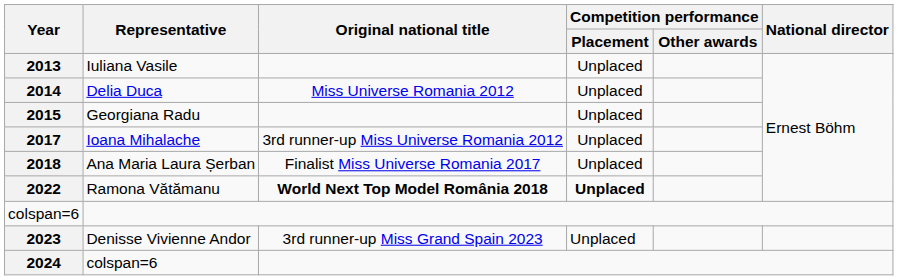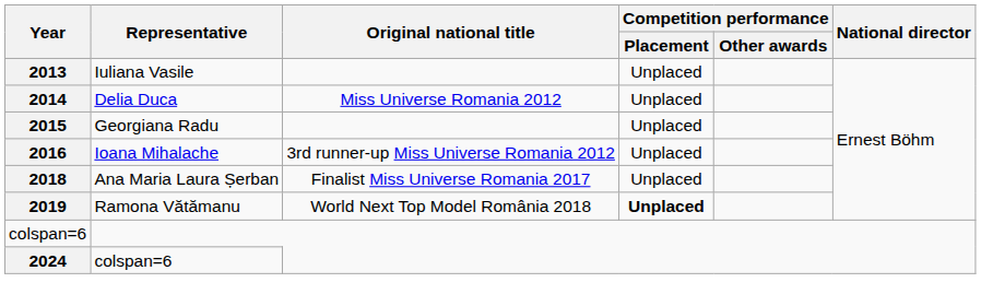 <table class="wikitable" style="font-size:95%;">
 <tr>
 <th rowspan=2>Year</th>
 <th rowspan=2>Representative</th>
 <th rowspan=2>Original national title</th>
 <th colspan=2>Competition performance</th>
 <th rowspan=2>National director</th>
 </tr>
 <tr>
 <th>Placement</th>
 <th>Other awards</th>
 </tr>
 <tr>
 <th>2013</th>
 <td>Iuliana Vasile</td>
 <td></td>
 <td align=center>Unplaced</td>
 <td></td>
 <td rowspan=6>Ernest Böhm</td>
 </tr>
 <tr>
 <th>2014</th>
 <td><a href='#'>Delia Duca</a></td>
 <td align=center><a href='#'>Miss Universe Romania 2012</a></td>
 <td align=center>Unplaced</td>
 <td></td>
 </tr>
 <tr>
 <th>2015</th>
 <td>Georgiana Radu</td>
 <td></td>
 <td align=center>Unplaced</td>
 <td></td>
 </tr>
 <tr>
-<th>2017</th>
+<th>2016</th>
 <td><a href='#'>Ioana Mihalache</a></td>
 <td align=center>3rd runner-up <a href='#'>Miss Universe Romania 2012</a></td>
 <td align=center>Unplaced</td>
 <td></td>
 </tr>
 <tr>
 <th>2018</th>
 <td>Ana Maria Laura Șerban</td>
 <td align=center>Finalist <a href='#'>Miss Universe Romania 2017</a></td>
 <td align=center>Unplaced</td>
 <td></td>
 </tr>
 <tr>
-<th>2022</th>
+<th>2019</th>
 <td>Ramona Vătămanu</td>
-<td align=center><strong>World Next Top Model România 2018</strong></td>
+<td align=center>World Next Top Model România 2018</td>
 <td align=center><strong>Unplaced</strong></td>
 <td></td>
 </tr>
 <tr>
 <td>colspan=6 </td>
 </tr>
 <tr>
-<th>2023</th>
-<td>Denisse Vivienne Andor</td>
-<td align=center>3rd runner-up <a href='#'>Miss Grand Spain 2023</a></td>
-<td>Unplaced</td>
-<td></td>
-<td></td>
-</tr>
-<tr>
 <th>2024</th>
 <td>colspan=6 </td>
 </tr>
 </table>
